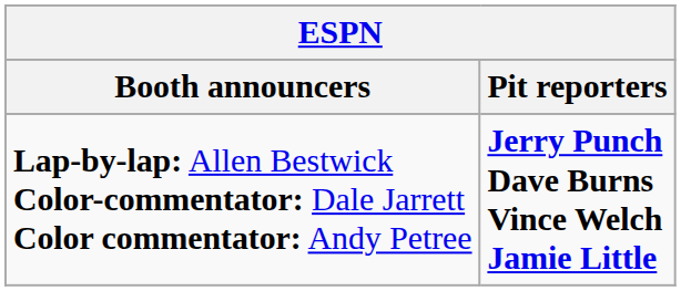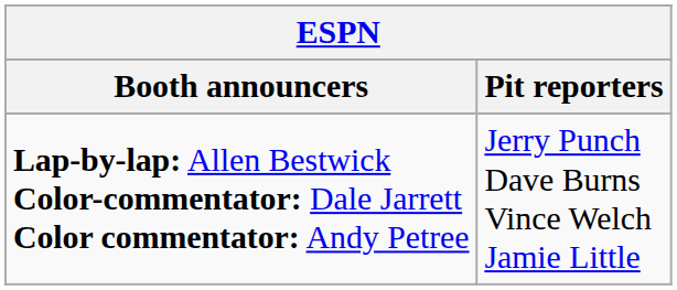 <table class="wikitable" style="font-size: 95%;">
 <tr>
 <th colspan="2"><a href='#'>ESPN</a></th>
 </tr>
 <tr>
 <th>Booth announcers</th>
 <th>Pit reporters</th>
 </tr>
 <tr>
 <td><strong>Lap-by-lap:</strong> <a href='#'>Allen Bestwick</a><br><strong>Color-commentator:</strong> <a href='#'>Dale Jarrett</a><br><strong>Color commentator:</strong> <a href='#'>Andy Petree</a></td>
-<td><strong><a href='#'>Jerry Punch</a><br>Dave Burns<br>Vince Welch<br><a href='#'>Jamie Little</a></strong></td>
+<td><a href='#'>Jerry Punch</a><br>Dave Burns<br>Vince Welch<br><a href='#'>Jamie Little</a></td>
 </tr>
 </table>
